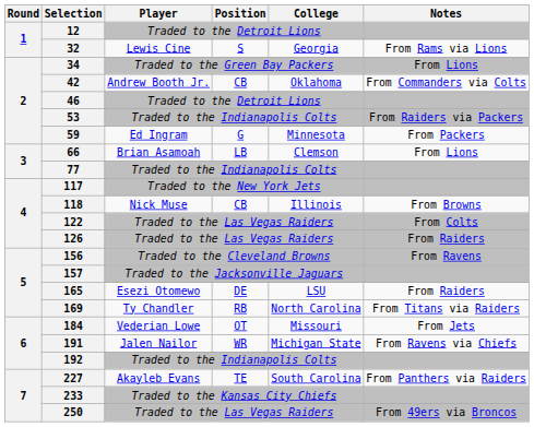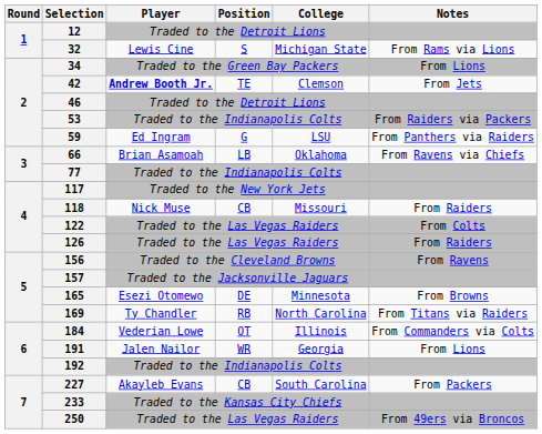 <table class="wikitable" style="text-align:center">
 <tr>
 <th>Round</th>
 <th>Selection</th>
 <th>Player</th>
 <th>Position</th>
 <th>College</th>
 <th>Notes</th>
 </tr>
 <tr>
 <th rowspan="2"><a href='#'>1</a></th>
 <th>12</th>
 <td colspan="3" style="background:#BFBFBF"><em>Traded to the <a href='#'>Detroit Lions</a></em></td>
 <td style="background:#BFBFBF"></td>
 </tr>
 <tr>
 <th>32</th>
 <td><a href='#'>Lewis Cine</a></td>
 <td><a href='#'>S</a></td>
-<td><a href='#'>Georgia</a></td>
+<td><a href='#'>Michigan State</a></td>
 <td>From <a href='#'>Rams</a> via <a href='#'>Lions</a></td>
 </tr>
 <tr>
 <th rowspan="5">2</th>
 <th>34</th>
 <td colspan="3" style="background:#BFBFBF"><em>Traded to the <a href='#'>Green Bay Packers</a></em></td>
 <td style="background:#BFBFBF">From <a href='#'>Lions</a></td>
 </tr>
 <tr>
 <th>42</th>
-<td><a href='#'>Andrew Booth Jr.</a></td>
-<td><a href='#'>CB</a></td>
-<td><a href='#'>Oklahoma</a></td>
-<td>From <a href='#'>Commanders</a> via <a href='#'>Colts</a></td>
+<td><strong><a href='#'>Andrew Booth Jr.</a></strong></td>
+<td><a href='#'>TE</a></td>
+<td><a href='#'>Clemson</a></td>
+<td>From <a href='#'>Jets</a></td>
 </tr>
 <tr>
 <th>46</th>
 <td colspan="3" style="background:#BFBFBF"><em>Traded to the <a href='#'>Detroit Lions</a></em></td>
 <td style="background:#BFBFBF"></td>
 </tr>
 <tr>
 <th>53</th>
 <td colspan="3" style="background:#BFBFBF"><em>Traded to the <a href='#'>Indianapolis Colts</a></em></td>
 <td style="background:#BFBFBF">From <a href='#'>Raiders</a> via <a href='#'>Packers</a></td>
 </tr>
 <tr>
 <th>59</th>
 <td><a href='#'>Ed Ingram</a></td>
 <td><a href='#'>G</a></td>
-<td><a href='#'>Minnesota</a></td>
-<td>From <a href='#'>Packers</a></td>
+<td><a href='#'>LSU</a></td>
+<td>From <a href='#'>Panthers</a> via <a href='#'>Raiders</a></td>
 </tr>
 <tr>
 <th rowspan="2">3</th>
 <th>66</th>
 <td><a href='#'>Brian Asamoah</a></td>
 <td><a href='#'>LB</a></td>
-<td><a href='#'>Clemson</a></td>
-<td>From <a href='#'>Lions</a></td>
+<td><a href='#'>Oklahoma</a></td>
+<td>From <a href='#'>Ravens</a> via <a href='#'>Chiefs</a></td>
 </tr>
 <tr>
 <th>77</th>
 <td colspan="3" style="background:#BFBFBF"><em>Traded to the <a href='#'>Indianapolis Colts</a></em></td>
 <td style="background:#BFBFBF"></td>
 </tr>
 <tr>
 <th rowspan="4">4</th>
 <th>117</th>
 <td colspan="3" style="background:#BFBFBF"><em>Traded to the <a href='#'>New York Jets</a></em></td>
 <td style="background:#BFBFBF"></td>
 </tr>
 <tr>
 <th>118</th>
 <td><a href='#'>Nick Muse</a></td>
 <td><a href='#'>CB</a></td>
-<td><a href='#'>Illinois</a></td>
-<td>From <a href='#'>Browns</a></td>
+<td><a href='#'>Missouri</a></td>
+<td>From <a href='#'>Raiders</a></td>
 </tr>
 <tr>
 <th>122</th>
 <td colspan="3" style="background:#BFBFBF"><em>Traded to the <a href='#'>Las Vegas Raiders</a></em></td>
 <td style="background:#BFBFBF">From <a href='#'>Colts</a></td>
 </tr>
 <tr>
 <th>126</th>
 <td colspan="3" style="background:#BFBFBF"><em>Traded to the <a href='#'>Las Vegas Raiders</a></em></td>
 <td style="background:#BFBFBF">From <a href='#'>Raiders</a></td>
 </tr>
 <tr>
 <th rowspan="4">5</th>
 <th>156</th>
 <td colspan="3" style="background:#BFBFBF"><em>Traded to the <a href='#'>Cleveland Browns</a></em></td>
 <td style="background:#BFBFBF">From <a href='#'>Ravens</a></td>
 </tr>
 <tr>
 <th>157</th>
 <td colspan="3" style="background:#BFBFBF"><em>Traded to the <a href='#'>Jacksonville Jaguars</a></em></td>
 <td style="background:#BFBFBF"></td>
 </tr>
 <tr>
 <th>165</th>
 <td><a href='#'>Esezi Otomewo</a></td>
 <td><a href='#'>DE</a></td>
-<td><a href='#'>LSU</a></td>
-<td>From <a href='#'>Raiders</a></td>
+<td><a href='#'>Minnesota</a></td>
+<td>From <a href='#'>Browns</a></td>
 </tr>
 <tr>
 <th>169</th>
 <td><a href='#'>Ty Chandler</a></td>
 <td><a href='#'>RB</a></td>
 <td><a href='#'>North Carolina</a></td>
 <td>From <a href='#'>Titans</a> via <a href='#'>Raiders</a></td>
 </tr>
 <tr>
 <th rowspan="3">6</th>
 <th>184</th>
 <td><a href='#'>Vederian Lowe</a></td>
 <td><a href='#'>OT</a></td>
-<td><a href='#'>Missouri</a></td>
-<td>From <a href='#'>Jets</a></td>
+<td><a href='#'>Illinois</a></td>
+<td>From <a href='#'>Commanders</a> via <a href='#'>Colts</a></td>
 </tr>
 <tr>
 <th>191</th>
 <td><a href='#'>Jalen Nailor</a></td>
 <td><a href='#'>WR</a></td>
-<td><a href='#'>Michigan State</a></td>
-<td>From <a href='#'>Ravens</a> via <a href='#'>Chiefs</a></td>
+<td><a href='#'>Georgia</a></td>
+<td>From <a href='#'>Lions</a></td>
 </tr>
 <tr>
 <th>192</th>
 <td colspan="3" style="background:#BFBFBF"><em>Traded to the <a href='#'>Indianapolis Colts</a></em></td>
 <td style="background:#BFBFBF"></td>
 </tr>
 <tr>
 <th rowspan="3">7</th>
 <th>227</th>
 <td><a href='#'>Akayleb Evans</a></td>
-<td><a href='#'>TE</a></td>
+<td><a href='#'>CB</a></td>
 <td><a href='#'>South Carolina</a></td>
-<td>From <a href='#'>Panthers</a> via <a href='#'>Raiders</a></td>
+<td>From <a href='#'>Packers</a></td>
 </tr>
 <tr>
 <th>233</th>
 <td colspan="3" style="background:#BFBFBF"><em>Traded to the <a href='#'>Kansas City Chiefs</a></em></td>
 <td style="background:#BFBFBF"></td>
 </tr>
 <tr>
 <th>250</th>
 <td colspan="3" style="background:#BFBFBF"><em>Traded to the <a href='#'>Las Vegas Raiders</a></em></td>
 <td style="background:#BFBFBF">From <a href='#'>49ers</a> via <a href='#'>Broncos</a></td>
 </tr>
 </table>
